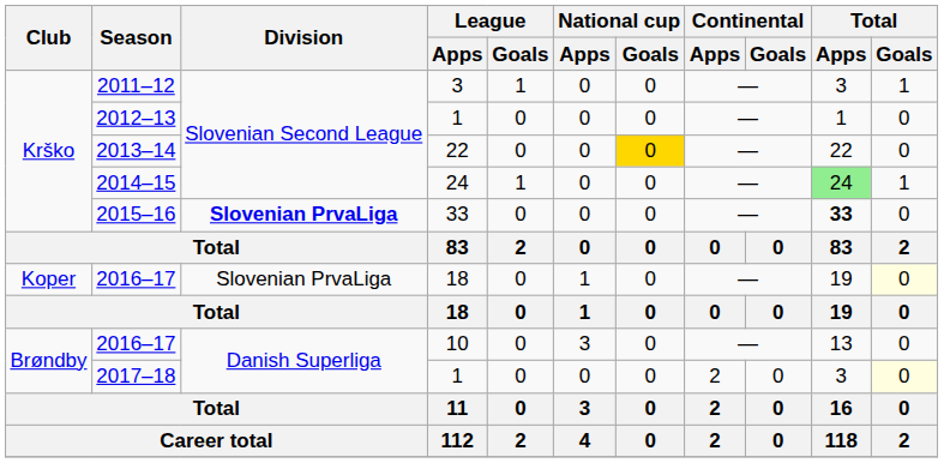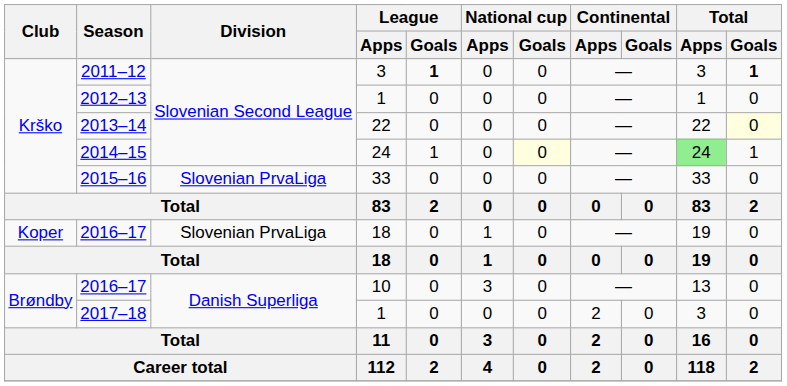 <table class="wikitable" style="text-align:center">
 <tr>
 <th rowspan="2">Club</th>
 <th rowspan="2">Season</th>
 <th rowspan="2">Division</th>
 <th colspan="2">League</th>
 <th colspan="2">National cup</th>
 <th colspan="2">Continental</th>
 <th colspan="2">Total</th>
 </tr>
 <tr>
 <th>Apps</th>
 <th>Goals</th>
 <th>Apps</th>
 <th>Goals</th>
 <th>Apps</th>
 <th>Goals</th>
 <th>Apps</th>
 <th>Goals</th>
 </tr>
 <tr>
 <td rowspan="5"><a href='#'>Krško</a></td>
 <td><a href='#'>2011–12</a></td>
 <td rowspan="4"><a href='#'>Slovenian Second League</a></td>
 <td>3</td>
-<td>1</td>
+<td><strong>1</strong></td>
 <td>0</td>
 <td>0</td>
 <td colspan="2">—</td>
 <td>3</td>
-<td>1</td>
+<td><strong>1</strong></td>
 </tr>
 <tr>
 <td><a href='#'>2012–13</a></td>
 <td>1</td>
 <td>0</td>
 <td>0</td>
 <td>0</td>
 <td colspan="2">—</td>
 <td>1</td>
 <td>0</td>
 </tr>
 <tr>
 <td><a href='#'>2013–14</a></td>
 <td>22</td>
 <td>0</td>
 <td>0</td>
-<td style="background: gold;">0</td>
+<td>0</td>
 <td colspan="2">—</td>
 <td>22</td>
-<td>0</td>
+<td style="background: lightyellow;">0</td>
 </tr>
 <tr>
 <td><a href='#'>2014–15</a></td>
 <td>24</td>
 <td>1</td>
 <td>0</td>
-<td>0</td>
+<td style="background: lightyellow;">0</td>
 <td colspan="2">—</td>
 <td style="background: lightgreen;">24</td>
 <td>1</td>
 </tr>
 <tr>
 <td><a href='#'>2015–16</a></td>
-<td><strong><a href='#'>Slovenian PrvaLiga</a></strong></td>
+<td><a href='#'>Slovenian PrvaLiga</a></td>
 <td>33</td>
 <td>0</td>
 <td>0</td>
 <td>0</td>
 <td colspan="2">—</td>
-<td><strong>33</strong></td>
+<td>33</td>
 <td>0</td>
 </tr>
 <tr>
 <th colspan="3">Total</th>
 <th>83</th>
 <th>2</th>
 <th>0</th>
 <th>0</th>
 <th>0</th>
 <th>0</th>
 <th>83</th>
 <th>2</th>
 </tr>
 <tr>
 <td><a href='#'>Koper</a></td>
 <td><a href='#'>2016–17</a></td>
 <td>Slovenian PrvaLiga</td>
 <td>18</td>
 <td>0</td>
 <td>1</td>
 <td>0</td>
 <td colspan="2">—</td>
 <td>19</td>
-<td style="background: lightyellow;">0</td>
+<td>0</td>
 </tr>
 <tr>
 <th colspan="3">Total</th>
 <th>18</th>
 <th>0</th>
 <th>1</th>
 <th>0</th>
 <th>0</th>
 <th>0</th>
 <th>19</th>
 <th>0</th>
 </tr>
 <tr>
 <td rowspan="2"><a href='#'>Brøndby</a></td>
 <td><a href='#'>2016–17</a></td>
 <td rowspan="2"><a href='#'>Danish Superliga</a></td>
 <td>10</td>
 <td>0</td>
 <td>3</td>
 <td>0</td>
 <td colspan="2">—</td>
 <td>13</td>
 <td>0</td>
 </tr>
 <tr>
 <td><a href='#'>2017–18</a></td>
 <td>1</td>
 <td>0</td>
 <td>0</td>
 <td>0</td>
 <td>2</td>
 <td>0</td>
 <td>3</td>
-<td style="background: lightyellow;">0</td>
+<td>0</td>
 </tr>
 <tr>
 <th colspan="3">Total</th>
 <th>11</th>
 <th>0</th>
 <th>3</th>
 <th>0</th>
 <th>2</th>
 <th>0</th>
 <th>16</th>
 <th>0</th>
 </tr>
 <tr>
 <th colspan="3">Career total</th>
 <th>112</th>
 <th>2</th>
 <th>4</th>
 <th>0</th>
 <th>2</th>
 <th>0</th>
 <th>118</th>
 <th>2</th>
 </tr>
 <tr>
 </tr>
 </table>
